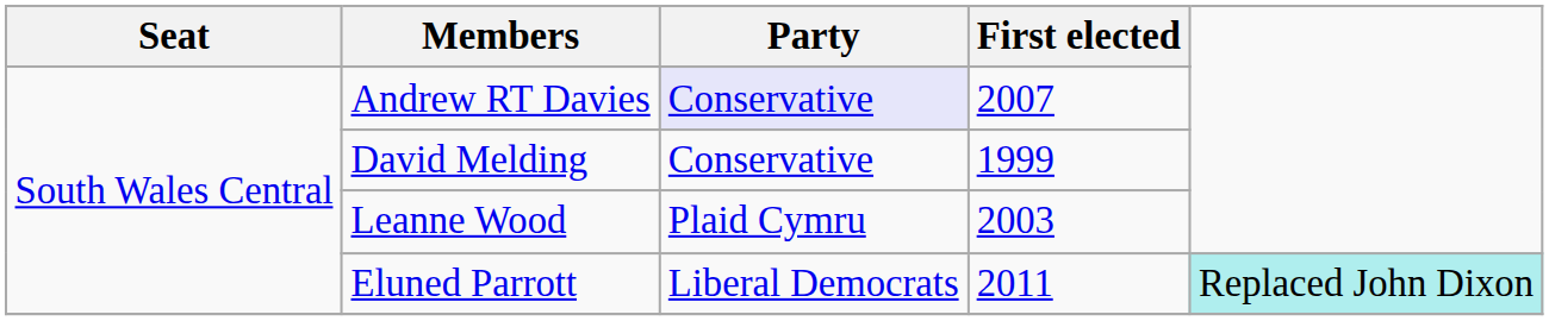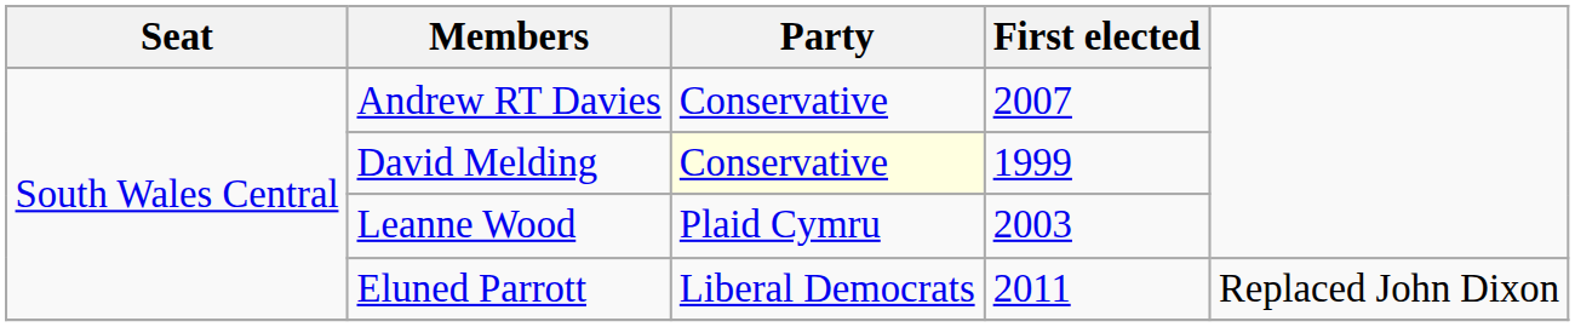 <table class="wikitable sortable">
 <tr>
 <th colspan=1>Seat</th>
 <th>Members</th>
 <th>Party</th>
 <th>First elected</th>
 </tr>
 <tr>
 <td rowspan=5><a href='#'>South Wales Central</a></td>
 </tr>
 <tr>
 <td><a href='#'>Andrew RT Davies</a></td>
-<td style="background: lavender;"><a href='#'>Conservative</a></td>
+<td><a href='#'>Conservative</a></td>
 <td><a href='#'>2007</a></td>
 </tr>
 <tr>
 <td><a href='#'>David Melding</a></td>
-<td><a href='#'>Conservative</a></td>
+<td style="background: lightyellow;"><a href='#'>Conservative</a></td>
 <td><a href='#'>1999</a></td>
 </tr>
 <tr>
 <td><a href='#'>Leanne Wood</a></td>
 <td><a href='#'>Plaid Cymru</a></td>
 <td><a href='#'>2003</a></td>
 </tr>
 <tr>
 <td><a href='#'>Eluned Parrott</a></td>
 <td><a href='#'>Liberal Democrats</a></td>
 <td><a href='#'>2011</a></td>
-<td style="background: paleturquoise;">Replaced John Dixon </td>
+<td>Replaced John Dixon </td>
 </tr>
 <tr>
 </tr>
 </table>
